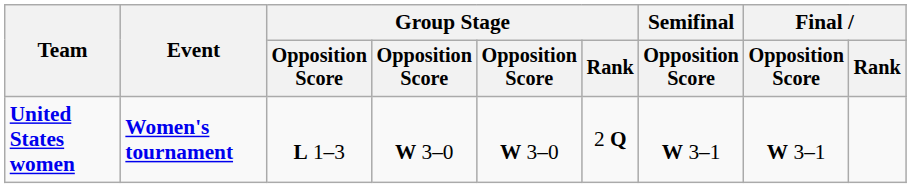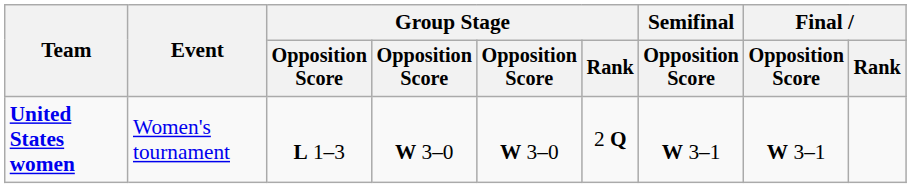 <table class=wikitable style=font-size:90%>
 <tr>
 <th rowspan=2>Team</th>
 <th rowspan=2>Event</th>
 <th colspan=4>Group Stage</th>
 <th>Semifinal</th>
 <th colspan=2>Final / </th>
 </tr>
 <tr style=font-size:95%>
 <th>Opposition<br>Score</th>
 <th>Opposition<br>Score</th>
 <th>Opposition<br>Score</th>
 <th>Rank</th>
 <th>Opposition<br>Score</th>
 <th>Opposition<br>Score</th>
 <th>Rank</th>
 </tr>
 <tr align=center>
 <td align=left><strong><a href='#'>United States women</a></strong></td>
-<td align=left><strong><a href='#'>Women's tournament</a></strong></td>
+<td align=left><a href='#'>Women's tournament</a></td>
 <td><br><strong>L</strong> 1–3</td>
 <td><br><strong>W</strong> 3–0</td>
 <td><br><strong>W</strong> 3–0</td>
 <td>2 <strong>Q</strong></td>
 <td><br><strong>W</strong> 3–1</td>
 <td><br><strong>W</strong> 3–1</td>
 <td></td>
 </tr>
 </table>
